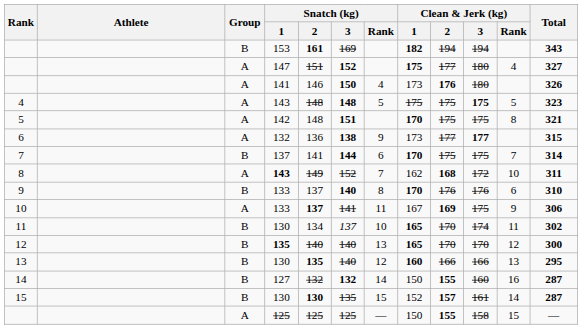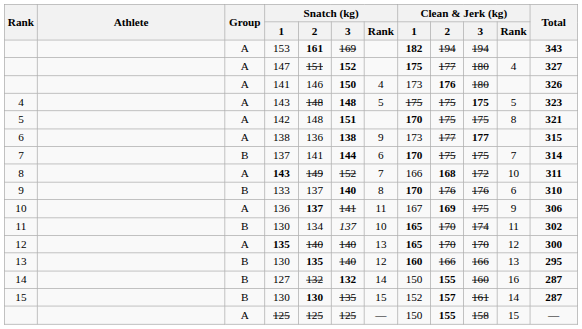 <table class = "wikitable" style="text-align:center;">
 <tr>
 <th rowspan=2 width=40>Rank</th>
 <th rowspan=2 width=260>Athlete</th>
 <th rowspan=2 width=50>Group</th>
 <th colspan=4>Snatch (kg)</th>
 <th colspan=4>Clean & Jerk (kg)</th>
 <th rowspan=2 width=60>Total</th>
 </tr>
 <tr>
 <th width=40>1</th>
 <th width=40>2</th>
 <th width=40>3</th>
 <th width=40>Rank</th>
 <th width=40>1</th>
 <th width=40>2</th>
 <th width=40>3</th>
 <th width=40>Rank</th>
 </tr>
 <tr>
 <td></td>
 <td align=left></td>
-<td>B</td>
+<td>A</td>
 <td>153</td>
 <td><strong>161</strong></td>
 <td><s>169</s></td>
 <td></td>
 <td><strong>182</strong></td>
 <td><s>194</s></td>
 <td><s>194</s></td>
 <td></td>
 <td><strong>343</strong></td>
 </tr>
 <tr>
 <td></td>
 <td align=left></td>
 <td>A</td>
 <td>147</td>
 <td><s>151</s></td>
 <td><strong>152</strong></td>
 <td></td>
 <td><strong>175</strong></td>
 <td><s>177</s></td>
 <td><s>180</s></td>
 <td>4</td>
 <td><strong>327</strong></td>
 </tr>
 <tr>
 <td></td>
 <td align=left></td>
 <td>A</td>
 <td>141</td>
 <td>146</td>
 <td><strong>150</strong></td>
 <td>4</td>
 <td>173</td>
 <td><strong>176</strong></td>
 <td><s>180</s></td>
 <td></td>
 <td><strong>326</strong></td>
 </tr>
 <tr>
 <td>4</td>
 <td align=left></td>
 <td>A</td>
 <td>143</td>
 <td><s>148</s></td>
 <td><strong>148</strong></td>
 <td>5</td>
 <td><s>175</s></td>
 <td><s>175</s></td>
 <td><strong>175</strong></td>
 <td>5</td>
 <td><strong>323</strong></td>
 </tr>
 <tr>
 <td>5</td>
 <td align=left></td>
 <td>A</td>
 <td>142</td>
 <td>148</td>
 <td><strong>151</strong></td>
 <td></td>
 <td><strong>170</strong></td>
 <td><s>175</s></td>
 <td><s>175</s></td>
 <td>8</td>
 <td><strong>321</strong></td>
 </tr>
 <tr>
 <td>6</td>
 <td align=left></td>
 <td>A</td>
-<td>132</td>
+<td>138</td>
 <td>136</td>
 <td><strong>138</strong></td>
 <td>9</td>
 <td>173</td>
 <td><s>177</s></td>
 <td><strong>177</strong></td>
 <td></td>
 <td><strong>315</strong></td>
 </tr>
 <tr>
 <td>7</td>
 <td align=left></td>
 <td>B</td>
 <td>137</td>
 <td>141</td>
 <td><strong>144</strong></td>
 <td>6</td>
 <td><strong>170</strong></td>
 <td><s>175</s></td>
 <td><s>175</s></td>
 <td>7</td>
 <td><strong>314</strong></td>
 </tr>
 <tr>
 <td>8</td>
 <td align=left></td>
 <td>A</td>
 <td><strong>143</strong></td>
 <td><s>149</s></td>
 <td><s>152</s></td>
 <td>7</td>
-<td>162</td>
+<td>166</td>
 <td><strong>168</strong></td>
 <td><s>172</s></td>
 <td>10</td>
 <td><strong>311</strong></td>
 </tr>
 <tr>
 <td>9</td>
 <td align=left></td>
 <td>B</td>
 <td>133</td>
 <td>137</td>
 <td><strong>140</strong></td>
 <td>8</td>
 <td><strong>170</strong></td>
 <td><s>176</s></td>
 <td><s>176</s></td>
 <td>6</td>
 <td><strong>310</strong></td>
 </tr>
 <tr>
 <td>10</td>
 <td align=left></td>
 <td>A</td>
-<td>133</td>
+<td>136</td>
 <td><strong>137</strong></td>
 <td><s>141</s></td>
 <td>11</td>
 <td>167</td>
 <td><strong>169</strong></td>
 <td><s>175</s></td>
 <td>9</td>
 <td><strong>306</strong></td>
 </tr>
 <tr>
 <td>11</td>
 <td align=left></td>
 <td>B</td>
 <td>130</td>
 <td>134</td>
 <td><em>137</em></td>
 <td>10</td>
 <td><strong>165</strong></td>
 <td><s>170</s></td>
 <td><s>174</s></td>
 <td>11</td>
 <td><strong>302</strong></td>
 </tr>
 <tr>
 <td>12</td>
 <td align=left></td>
-<td>B</td>
+<td>A</td>
 <td><strong>135</strong></td>
 <td><s>140</s></td>
 <td><s>140</s></td>
 <td>13</td>
 <td><strong>165</strong></td>
 <td><s>170</s></td>
 <td><s>170</s></td>
 <td>12</td>
 <td><strong>300</strong></td>
 </tr>
 <tr>
 <td>13</td>
 <td align=left></td>
 <td>B</td>
 <td>130</td>
 <td><strong>135</strong></td>
 <td><s>140</s></td>
 <td>12</td>
 <td><strong>160</strong></td>
 <td><s>166</s></td>
 <td><s>166</s></td>
 <td>13</td>
 <td><strong>295</strong></td>
 </tr>
 <tr>
 <td>14</td>
 <td align=left></td>
 <td>B</td>
 <td>127</td>
 <td><s>132</s></td>
 <td><strong>132</strong></td>
 <td>14</td>
 <td>150</td>
 <td><strong>155</strong></td>
 <td><s>160</s></td>
 <td>16</td>
 <td><strong>287</strong></td>
 </tr>
 <tr>
 <td>15</td>
 <td align=left></td>
 <td>B</td>
 <td>130</td>
 <td><strong>130</strong></td>
 <td><s>135</s></td>
 <td>15</td>
 <td>152</td>
 <td><strong>157</strong></td>
 <td><s>161</s></td>
 <td>14</td>
 <td><strong>287</strong></td>
 </tr>
 <tr>
 <td></td>
 <td align=left></td>
 <td>A</td>
 <td><s>125</s></td>
 <td><s>125</s></td>
 <td><s>125</s></td>
 <td>—</td>
 <td>150</td>
 <td><strong>155</strong></td>
 <td><s>158</s></td>
 <td>15</td>
 <td>—</td>
 </tr>
 </table>
